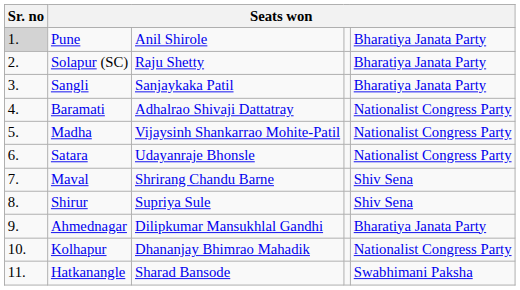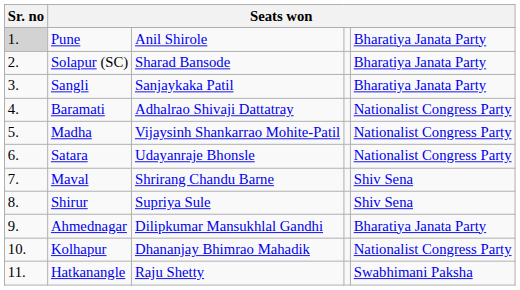 <table class="wikitable">
 <tr>
 <th>Sr. no</th>
 <th colspan="4">Seats won</th>
 </tr>
 <tr>
 <td style="background: lightgrey;">1.</td>
 <td><a href='#'>Pune</a></td>
 <td><a href='#'>Anil Shirole</a></td>
 <td style="background-color:"></td>
 <td><a href='#'>Bharatiya Janata Party</a></td>
 </tr>
 <tr>
 <td>2.</td>
 <td><a href='#'>Solapur</a> (SC)</td>
-<td><a href='#'>Raju Shetty</a></td>
+<td><a href='#'>Sharad Bansode</a></td>
 <td style="background-color:"></td>
 <td><a href='#'>Bharatiya Janata Party</a></td>
 </tr>
 <tr>
 <td>3.</td>
 <td><a href='#'>Sangli</a></td>
 <td><a href='#'>Sanjaykaka Patil</a></td>
 <td style="background-color:"></td>
 <td><a href='#'>Bharatiya Janata Party</a></td>
 </tr>
 <tr>
 <td>4.</td>
 <td><a href='#'>Baramati</a></td>
 <td><a href='#'>Adhalrao Shivaji Dattatray</a></td>
 <td style="background-color: "></td>
 <td><a href='#'>Nationalist Congress Party</a></td>
 </tr>
 <tr>
 <td>5.</td>
 <td><a href='#'>Madha</a></td>
 <td><a href='#'>Vijaysinh Shankarrao Mohite-Patil</a></td>
 <td style="background-color: "></td>
 <td><a href='#'>Nationalist Congress Party</a></td>
 </tr>
 <tr>
 <td>6.</td>
 <td><a href='#'>Satara</a></td>
 <td><a href='#'>Udayanraje Bhonsle</a></td>
 <td style="background-color: "></td>
 <td><a href='#'>Nationalist Congress Party</a></td>
 </tr>
 <tr>
 <td>7.</td>
 <td><a href='#'>Maval</a></td>
 <td><a href='#'>Shrirang Chandu Barne</a></td>
 <td style="background-color: "></td>
 <td><a href='#'>Shiv Sena</a></td>
 </tr>
 <tr>
 <td>8.</td>
 <td><a href='#'>Shirur</a></td>
 <td><a href='#'>Supriya Sule</a></td>
 <td style="background-color: "></td>
 <td><a href='#'>Shiv Sena</a></td>
 </tr>
 <tr>
 <td>9.</td>
 <td><a href='#'>Ahmednagar</a></td>
 <td><a href='#'>Dilipkumar Mansukhlal Gandhi</a></td>
 <td style="background-color:"></td>
 <td><a href='#'>Bharatiya Janata Party</a></td>
 </tr>
 <tr>
 <td>10.</td>
 <td><a href='#'>Kolhapur</a></td>
 <td><a href='#'>Dhananjay Bhimrao Mahadik</a></td>
 <td style="background-color: "></td>
 <td><a href='#'>Nationalist Congress Party</a></td>
 </tr>
 <tr>
 <td>11.</td>
 <td><a href='#'>Hatkanangle</a></td>
-<td><a href='#'>Sharad Bansode</a></td>
+<td><a href='#'>Raju Shetty</a></td>
 <td style="background-color: "></td>
 <td><a href='#'>Swabhimani Paksha</a></td>
 </tr>
 </table>
